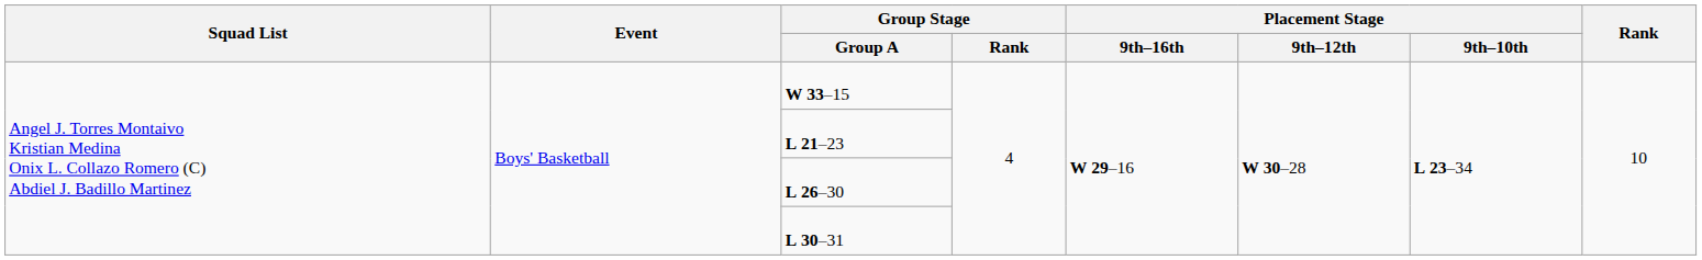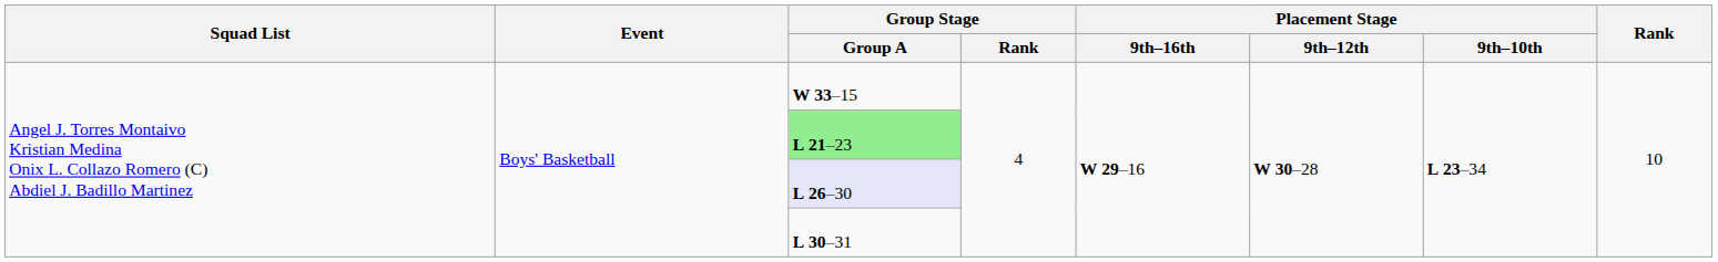 <table class="wikitable" width="90%" style="text-align:left; font-size:90%">
 <tr>
 <th rowspan="2">Squad List</th>
 <th rowspan="2">Event</th>
 <th colspan="2">Group Stage</th>
 <th colspan="3">Placement Stage</th>
 <th rowspan="2">Rank</th>
 </tr>
 <tr>
 <th>Group A</th>
 <th>Rank</th>
 <th>9th–16th</th>
 <th>9th–12th</th>
 <th>9th–10th</th>
 </tr>
 <tr>
 <td rowspan="4"><a href='#'>Angel J. Torres Montaivo</a><br><a href='#'>Kristian Medina</a><br><a href='#'>Onix L. Collazo Romero</a> (C)<br><a href='#'>Abdiel J. Badillo Martinez</a></td>
 <td rowspan="4"><a href='#'>Boys' Basketball</a></td>
 <td><br> <strong>W</strong> <strong>33</strong>–15</td>
 <td rowspan="4" align=center>4</td>
 <td rowspan="4"> <br> <strong>W</strong> <strong>29</strong>–16</td>
 <td rowspan="4"> <br> <strong>W</strong> <strong>30</strong>–28</td>
 <td rowspan="4"> <br> <strong>L</strong> <strong>23</strong>–34</td>
 <td rowspan="4" align="center">10</td>
 </tr>
 <tr>
-<td><br> <strong>L</strong> <strong>21</strong>–23</td>
+<td style="background: lightgreen;"><br> <strong>L</strong> <strong>21</strong>–23</td>
 </tr>
 <tr>
-<td><br> <strong>L</strong> <strong>26</strong>–30</td>
+<td style="background: lavender;"><br> <strong>L</strong> <strong>26</strong>–30</td>
 </tr>
 <tr>
 <td><br> <strong>L</strong> <strong>30</strong>–31</td>
 </tr>
 </table>
